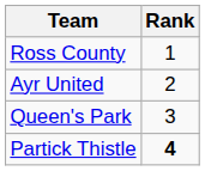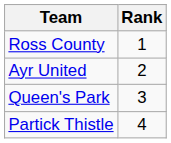 <table class="wikitable" style="text-align: center;">
 <tr>
 <th>Team</th>
 <th>Rank</th>
 </tr>
 <tr>
 <td style="text-align: left;"><a href='#'>Ross County</a></td>
 <td>1</td>
 </tr>
 <tr>
 <td style="text-align: left;"><a href='#'>Ayr United</a></td>
 <td>2</td>
 </tr>
 <tr>
 <td style="text-align: left;"><a href='#'>Queen's Park</a></td>
 <td>3</td>
 </tr>
 <tr>
 <td style="text-align: left;"><a href='#'>Partick Thistle</a></td>
-<td><strong>4</strong></td>
+<td>4</td>
 </tr>
 </table>
